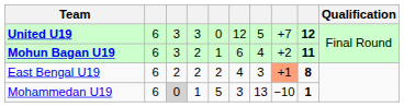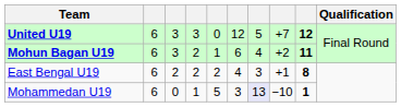 <table class="wikitable" style="text-align:center">
 <tr>
 <th width="175">Team</th>
 <th width="20"></th>
 <th width="20"></th>
 <th width="20"></th>
 <th width="20"></th>
 <th width="20"></th>
 <th width="20"></th>
 <th width="25"></th>
 <th width="20"></th>
 <th width="20">Qualification</th>
 </tr>
 <tr bgcolor="#ccffcc">
 <td align=left><strong><a href='#'>United U19</a></strong></td>
 <td>6</td>
 <td>3</td>
 <td>3</td>
 <td>0</td>
 <td>12</td>
 <td>5</td>
 <td>+7</td>
 <td><strong>12</strong></td>
 <td rowspan="2">Final Round</td>
 </tr>
 <tr bgcolor="#ccffcc">
 <td align=left><strong><a href='#'>Mohun Bagan U19</a></strong></td>
 <td>6</td>
 <td>3</td>
 <td>2</td>
 <td>1</td>
 <td>6</td>
 <td>4</td>
 <td>+2</td>
 <td><strong>11</strong></td>
 </tr>
 <tr>
 <td align=left><a href='#'>East Bengal U19</a></td>
 <td>6</td>
 <td>2</td>
 <td>2</td>
 <td>2</td>
 <td>4</td>
 <td>3</td>
-<td style="background: lightsalmon;">+1</td>
+<td>+1</td>
 <td><strong>8</strong></td>
 </tr>
 <tr>
 <td align=left><a href='#'>Mohammedan U19</a></td>
 <td>6</td>
-<td style="background: lightgrey;">0</td>
+<td>0</td>
 <td>1</td>
 <td>5</td>
 <td>3</td>
-<td>13</td>
+<td style="background: lavender;">13</td>
 <td>−10</td>
 <td><strong>1</strong></td>
 </tr>
 </table>
